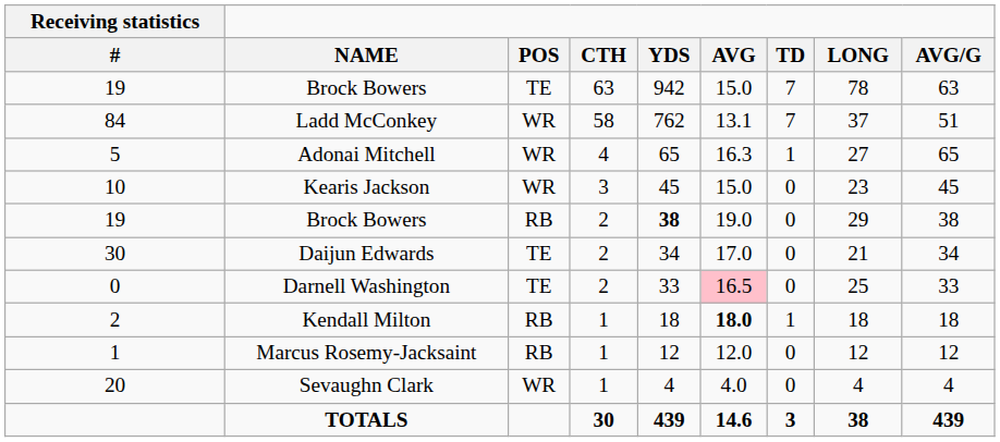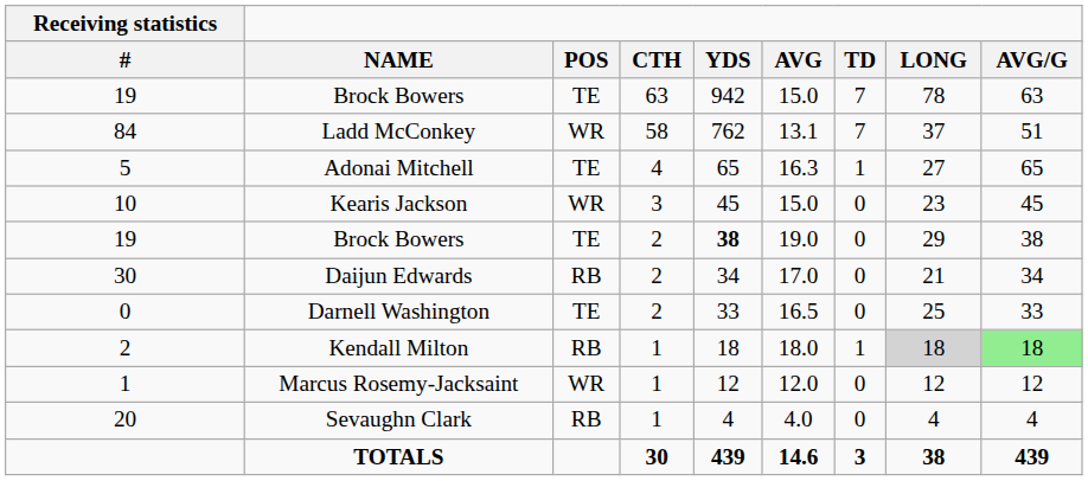 <table style="width:60%; text-align:center;" class="wikitable collapsible collapsed">
 <tr>
 <th style="text-align:center; ">Receiving statistics</th>
 </tr>
 <tr>
 <th>#</th>
 <th>NAME</th>
 <th>POS</th>
 <th>CTH</th>
 <th>YDS</th>
 <th>AVG</th>
 <th>TD</th>
 <th>LONG</th>
 <th>AVG/G</th>
 </tr>
 <tr>
 <td>19</td>
 <td>Brock Bowers</td>
 <td>TE</td>
 <td>63</td>
 <td>942</td>
 <td>15.0</td>
 <td>7</td>
 <td>78</td>
 <td>63</td>
 </tr>
 <tr>
 <td>84</td>
 <td>Ladd McConkey</td>
 <td>WR</td>
 <td>58</td>
 <td>762</td>
 <td>13.1</td>
 <td>7</td>
 <td>37</td>
 <td>51</td>
 </tr>
 <tr>
 <td>5</td>
 <td>Adonai Mitchell</td>
-<td>WR</td>
+<td>TE</td>
 <td>4</td>
 <td>65</td>
 <td>16.3</td>
 <td>1</td>
 <td>27</td>
 <td>65</td>
 </tr>
 <tr>
 <td>10</td>
 <td>Kearis Jackson</td>
 <td>WR</td>
 <td>3</td>
 <td>45</td>
 <td>15.0</td>
 <td>0</td>
 <td>23</td>
 <td>45</td>
 </tr>
 <tr>
 <td>19</td>
 <td>Brock Bowers</td>
-<td>RB</td>
+<td>TE</td>
 <td>2</td>
 <td><strong>38</strong></td>
 <td>19.0</td>
 <td>0</td>
 <td>29</td>
 <td>38</td>
 </tr>
 <tr>
 <td>30</td>
 <td>Daijun Edwards</td>
-<td>TE</td>
+<td>RB</td>
 <td>2</td>
 <td>34</td>
 <td>17.0</td>
 <td>0</td>
 <td>21</td>
 <td>34</td>
 </tr>
 <tr>
 <td>0</td>
 <td>Darnell Washington</td>
 <td>TE</td>
 <td>2</td>
 <td>33</td>
-<td style="background: pink;">16.5</td>
+<td>16.5</td>
 <td>0</td>
 <td>25</td>
 <td>33</td>
 </tr>
 <tr>
 <td>2</td>
 <td>Kendall Milton</td>
 <td>RB</td>
 <td>1</td>
 <td>18</td>
-<td><strong>18.0</strong></td>
+<td>18.0</td>
 <td>1</td>
-<td>18</td>
-<td>18</td>
+<td style="background: lightgrey;">18</td>
+<td style="background: lightgreen;">18</td>
 </tr>
 <tr>
 <td>1</td>
 <td>Marcus Rosemy-Jacksaint</td>
-<td>RB</td>
+<td>WR</td>
 <td>1</td>
 <td>12</td>
 <td>12.0</td>
 <td>0</td>
 <td>12</td>
 <td>12</td>
 </tr>
 <tr>
 <td>20</td>
 <td>Sevaughn Clark</td>
-<td>WR</td>
+<td>RB</td>
 <td>1</td>
 <td>4</td>
 <td>4.0</td>
 <td>0</td>
 <td>4</td>
 <td>4</td>
 </tr>
 <tr>
 <td></td>
 <td><strong>TOTALS</strong></td>
 <td></td>
 <td><strong>30</strong></td>
 <td><strong>439</strong></td>
 <td><strong>14.6</strong></td>
 <td><strong>3</strong></td>
 <td><strong>38</strong></td>
 <td><strong>439</strong></td>
 </tr>
 </table>
